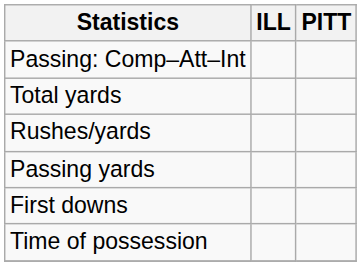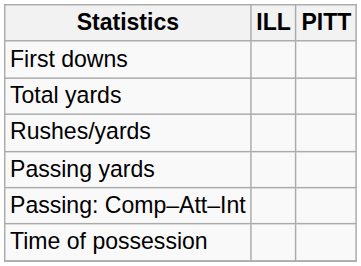 <table class="wikitable" style="float: left;">
 <tr>
 <th>Statistics</th>
 <th>ILL</th>
 <th>PITT</th>
 </tr>
 <tr>
-<td>Passing: Comp–Att–Int</td>
+<td>First downs</td>
 <td></td>
 <td></td>
 </tr>
 <tr>
 <td>Total yards</td>
 <td></td>
 <td></td>
 </tr>
 <tr>
 <td>Rushes/yards</td>
 <td></td>
 <td></td>
 </tr>
 <tr>
 <td>Passing yards</td>
 <td></td>
 <td></td>
 </tr>
 <tr>
-<td>First downs</td>
+<td>Passing: Comp–Att–Int</td>
 <td></td>
 <td></td>
 </tr>
 <tr>
 <td>Time of possession</td>
 <td></td>
 <td></td>
 </tr>
 <tr>
 </tr>
 </table>
